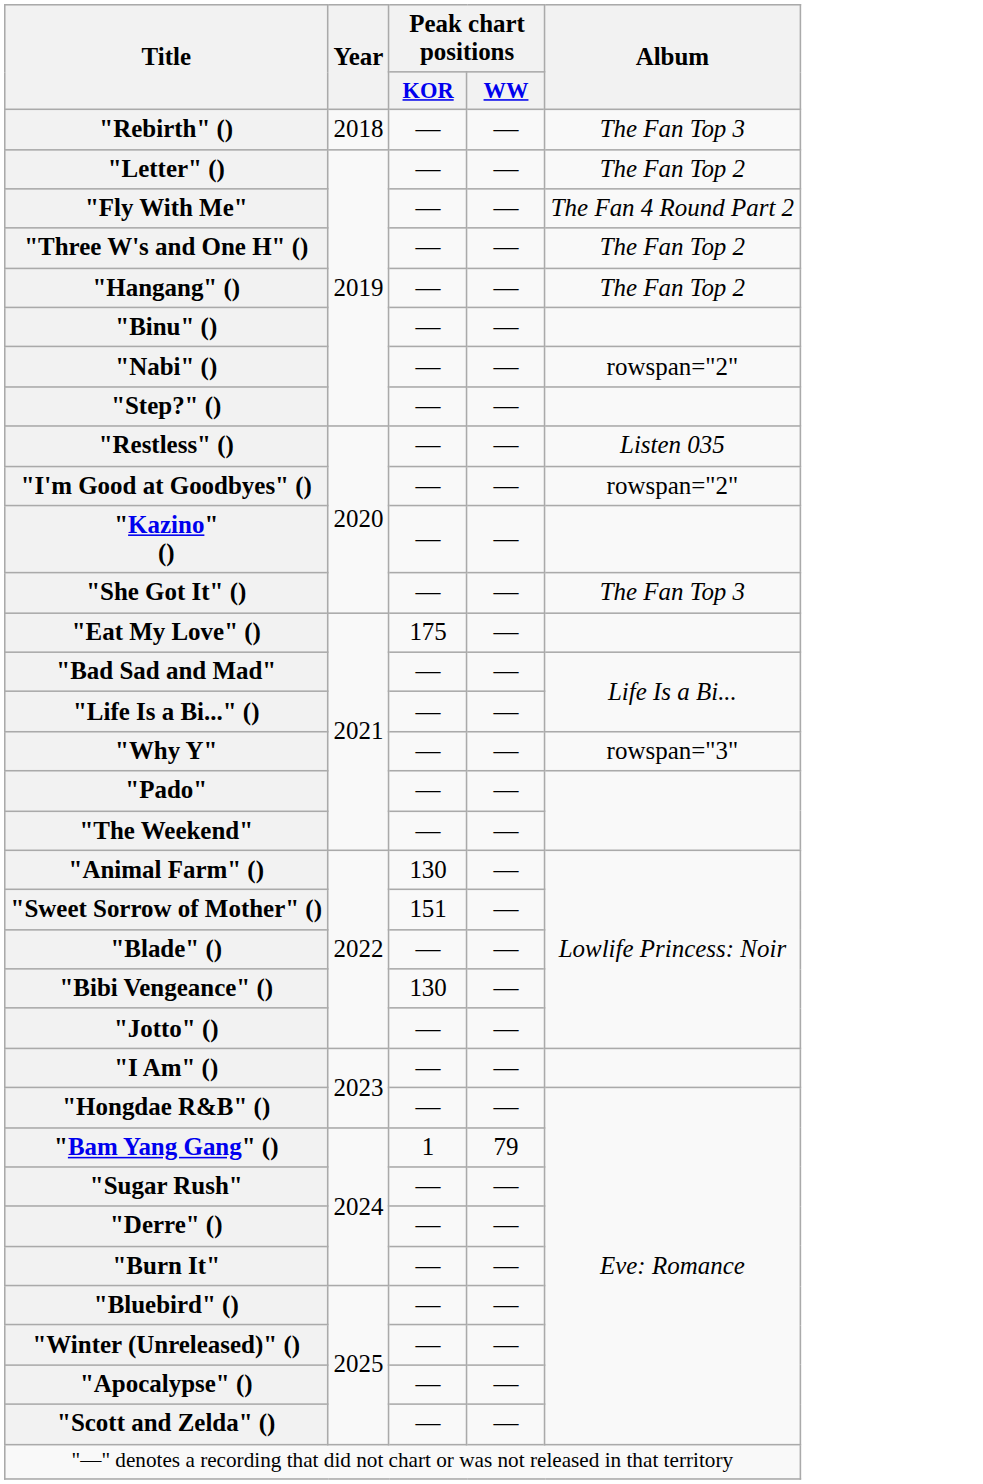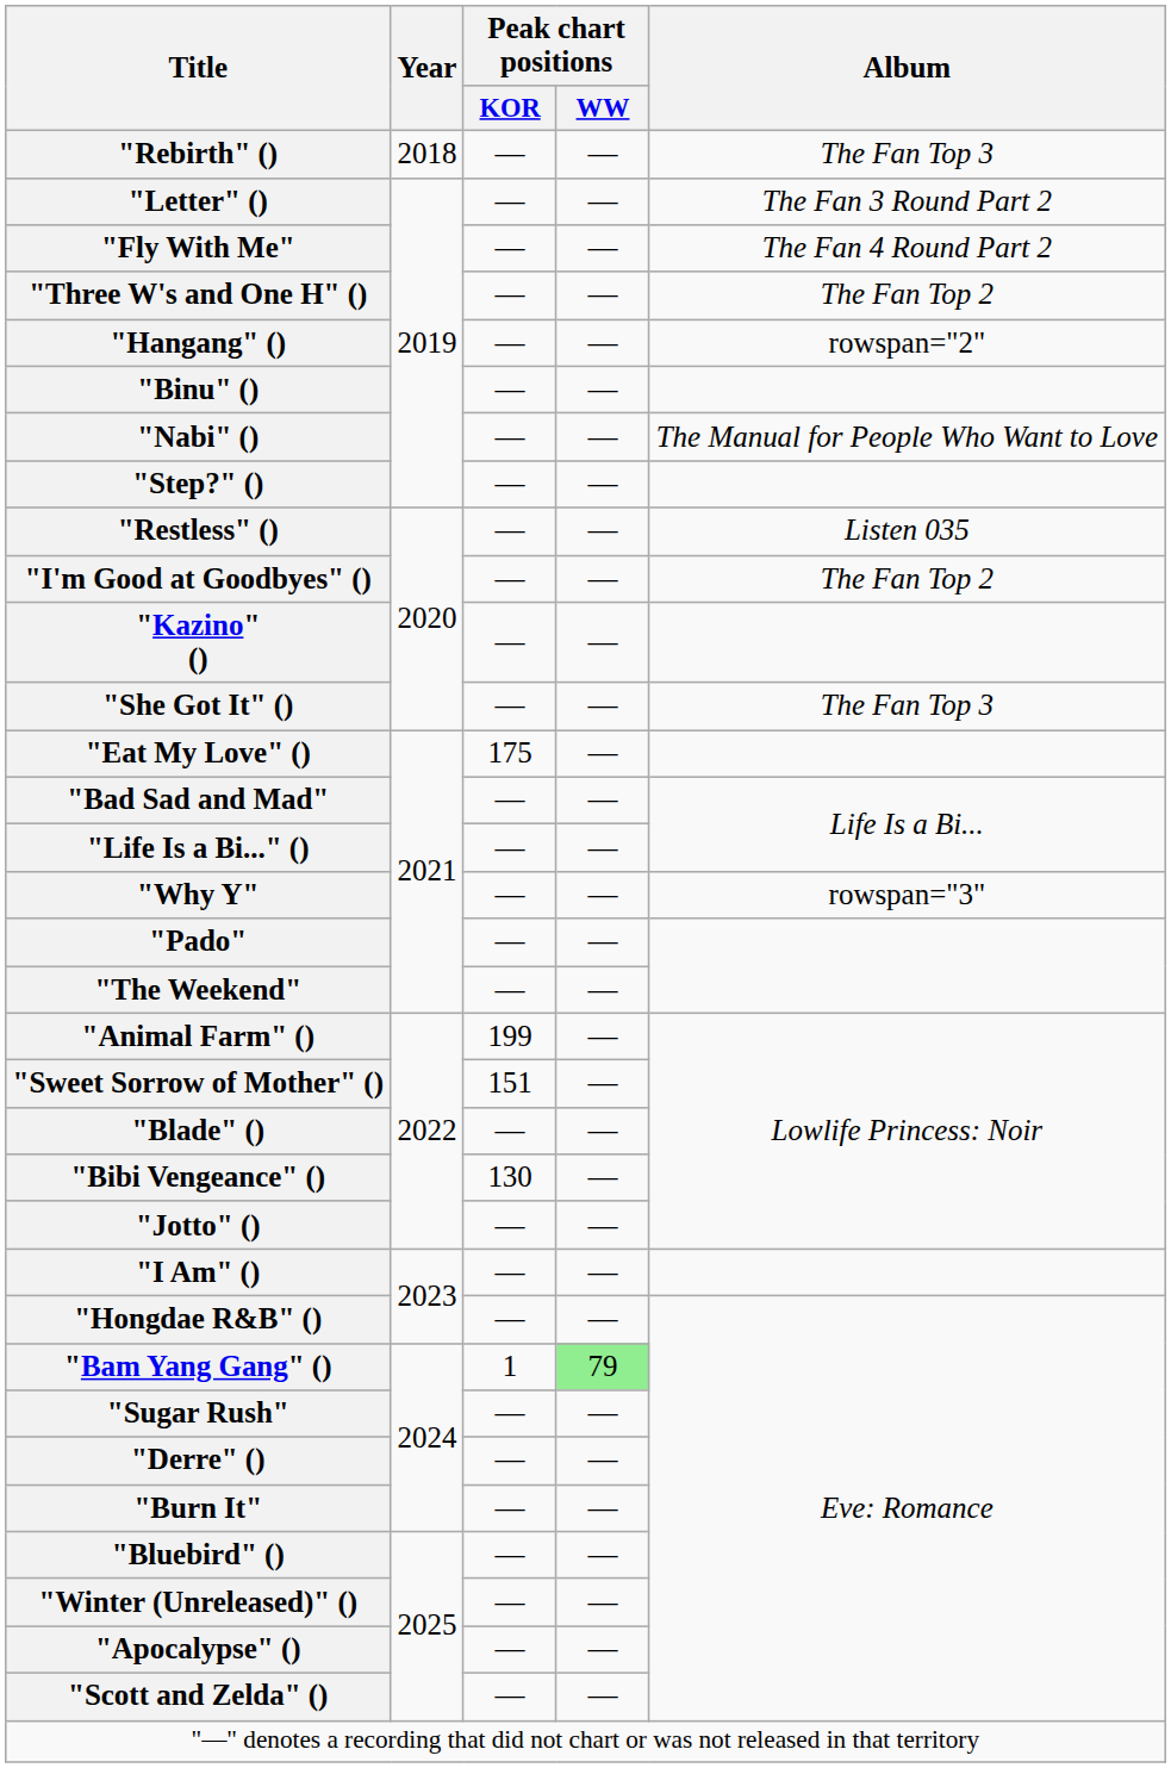 <table class="wikitable plainrowheaders" style="text-align:center">
 <tr>
 <th scope="col" rowspan="2">Title</th>
 <th scope="col" rowspan="2">Year</th>
 <th scope="col" colspan="2">Peak chart positions</th>
 <th scope="col" rowspan="2">Album</th>
 </tr>
 <tr>
 <th scope="col" style="font-size:90%; width:3em"><a href='#'>KOR</a><br></th>
 <th scope="col" style="font-size:90%; width:3em"><a href='#'>WW</a><br></th>
 </tr>
 <tr>
 <th scope="row">"Rebirth" ()</th>
 <td>2018</td>
 <td>—</td>
 <td>—</td>
 <td><em>The Fan Top 3</em></td>
 </tr>
 <tr>
 <th scope="row">"Letter" ()</th>
 <td rowspan="7">2019</td>
 <td>—</td>
 <td>—</td>
-<td><em>The Fan Top 2</em></td>
+<td><em>The Fan 3 Round Part 2</em></td>
 </tr>
 <tr>
 <th scope="row">"Fly With Me"</th>
 <td>—</td>
 <td>—</td>
 <td><em>The Fan 4 Round Part 2</em></td>
 </tr>
 <tr>
 <th scope="row">"Three W's and One H" ()</th>
 <td>—</td>
 <td>—</td>
 <td><em>The Fan Top 2</em></td>
 </tr>
 <tr>
 <th scope="row">"Hangang" ()</th>
 <td>—</td>
 <td>—</td>
-<td><em>The Fan Top 2</em></td>
+<td>rowspan="2" </td>
 </tr>
 <tr>
 <th scope="row">"Binu" ()</th>
 <td>—</td>
 <td>—</td>
 <td></td>
 </tr>
 <tr>
 <th scope="row">"Nabi" ()</th>
 <td>—</td>
 <td>—</td>
-<td>rowspan="2" </td>
+<td><em>The Manual for People Who Want to Love</em></td>
 </tr>
 <tr>
 <th scope="row">"Step?" ()</th>
 <td>—</td>
 <td>—</td>
 <td></td>
 </tr>
 <tr>
 <th scope="row">"Restless" ()</th>
 <td rowspan="4">2020</td>
 <td>—</td>
 <td>—</td>
 <td><em>Listen 035</em></td>
 </tr>
 <tr>
 <th scope="row">"I'm Good at Goodbyes" ()</th>
 <td>—</td>
 <td>—</td>
-<td>rowspan="2" </td>
+<td><em>The Fan Top 2</em></td>
 </tr>
 <tr>
 <th scope="row">"<a href='#'>Kazino</a>" <br> ()</th>
 <td>—</td>
 <td>—</td>
 </tr>
 <tr>
 <th scope="row">"She Got It" ()</th>
 <td>—</td>
 <td>—</td>
 <td><em>The Fan Top 3</em></td>
 </tr>
 <tr>
 <th scope="row">"Eat My Love" ()</th>
 <td rowspan="6">2021</td>
 <td>175</td>
 <td>—</td>
 <td></td>
 </tr>
 <tr>
 <th scope="row">"Bad Sad and Mad"</th>
 <td>—</td>
 <td>—</td>
 <td rowspan="2"><em>Life Is a Bi...</em></td>
 </tr>
 <tr>
 <th scope="row">"Life Is a Bi..." ()</th>
 <td>—</td>
 <td>—</td>
 </tr>
 <tr>
 <th scope="row">"Why Y"<br></th>
 <td>—</td>
 <td>—</td>
 <td>rowspan="3" </td>
 </tr>
 <tr>
 <th scope="row">"Pado"</th>
 <td>—</td>
 <td>—</td>
 </tr>
 <tr>
 <th scope="row">"The Weekend"</th>
 <td>—</td>
 <td>—</td>
 </tr>
 <tr>
 <th scope="row">"Animal Farm" ()</th>
 <td rowspan="5">2022</td>
-<td>130</td>
+<td>199</td>
 <td>—</td>
 <td rowspan="5"><em>Lowlife Princess: Noir</em></td>
 </tr>
 <tr>
 <th scope="row">"Sweet Sorrow of Mother" ()</th>
 <td>151</td>
 <td>—</td>
 </tr>
 <tr>
 <th scope="row">"Blade" ()</th>
 <td>—</td>
 <td>—</td>
 </tr>
 <tr>
 <th scope="row">"Bibi Vengeance" ()</th>
 <td>130</td>
 <td>—</td>
 </tr>
 <tr>
 <th scope="row">"Jotto" ()</th>
 <td>—</td>
 <td>—</td>
 </tr>
 <tr>
 <th scope="row">"I Am" ()</th>
 <td rowspan="2">2023</td>
 <td>—</td>
 <td>—</td>
 <td></td>
 </tr>
 <tr>
 <th scope="row">"Hongdae R&B" ()</th>
 <td>—</td>
 <td>—</td>
 <td rowspan="9"><em>Eve: Romance</em></td>
 </tr>
 <tr>
 <th scope="row">"<a href='#'>Bam Yang Gang</a>" ()</th>
 <td rowspan="4">2024</td>
 <td>1</td>
-<td>79</td>
+<td style="background: lightgreen;">79</td>
 </tr>
 <tr>
 <th scope="row">"Sugar Rush"</th>
 <td>—</td>
 <td>—</td>
 </tr>
 <tr>
 <th scope="row">"Derre" ()</th>
 <td>—</td>
 <td>—</td>
 </tr>
 <tr>
 <th scope="row">"Burn It"<br></th>
 <td>—</td>
 <td>—</td>
 </tr>
 <tr>
 <th scope="row">"Bluebird" ()</th>
 <td rowspan="4">2025</td>
 <td>—</td>
 <td>—</td>
 </tr>
 <tr>
 <th scope="row">"Winter (Unreleased)" ()</th>
 <td>—</td>
 <td>—</td>
 </tr>
 <tr>
 <th scope="row">"Apocalypse" ()</th>
 <td>—</td>
 <td>—</td>
 </tr>
 <tr>
 <th scope="row">"Scott and Zelda" ()</th>
 <td>—</td>
 <td>—</td>
 </tr>
 <tr>
 <td colspan="5" style="font-size:85%">"—" denotes a recording that did not chart or was not released in that territory</td>
 </tr>
 </table>
